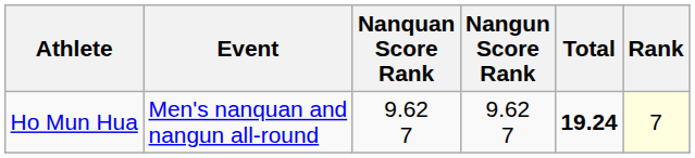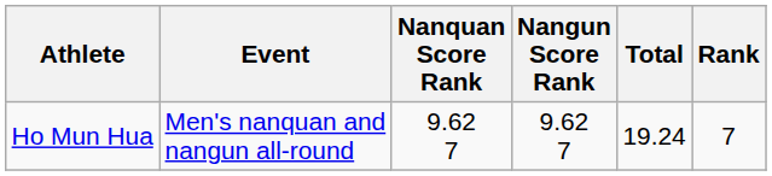 <table class="wikitable" style="text-align:center; font-size:90%">
 <tr>
 <th>Athlete</th>
 <th>Event</th>
 <th>Nanquan<br>Score<br>Rank</th>
 <th>Nangun<br>Score<br>Rank</th>
 <th>Total</th>
 <th>Rank</th>
 </tr>
 <tr>
 <td align=left><a href='#'>Ho Mun Hua</a></td>
 <td align=left><a href='#'>Men's nanquan and<br>nangun all-round</a></td>
 <td>9.62<br>7</td>
 <td>9.62<br>7</td>
-<td><strong>19.24</strong></td>
-<td style="background: lightyellow;">7</td>
+<td>19.24</td>
+<td>7</td>
 </tr>
 </table>
